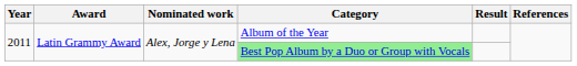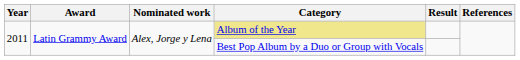 <table class="wikitable">
 <tr>
 <th>Year</th>
 <th>Award</th>
 <th>Nominated work</th>
 <th>Category</th>
 <th>Result</th>
 <th>References</th>
 </tr>
 <tr>
 <td rowspan="2">2011</td>
 <td rowspan="2"><a href='#'>Latin Grammy Award</a></td>
 <td rowspan="2"><em>Alex, Jorge y Lena</em></td>
-<td><a href='#'>Album of the Year</a></td>
+<td style="background: khaki;"><a href='#'>Album of the Year</a></td>
 <td></td>
 <td style="text-align:center;" rowspan="2"></td>
 </tr>
 <tr>
-<td style="background: lightgreen;"><a href='#'>Best Pop Album by a Duo or Group with Vocals</a></td>
+<td><a href='#'>Best Pop Album by a Duo or Group with Vocals</a></td>
 <td></td>
 </tr>
 </table>
